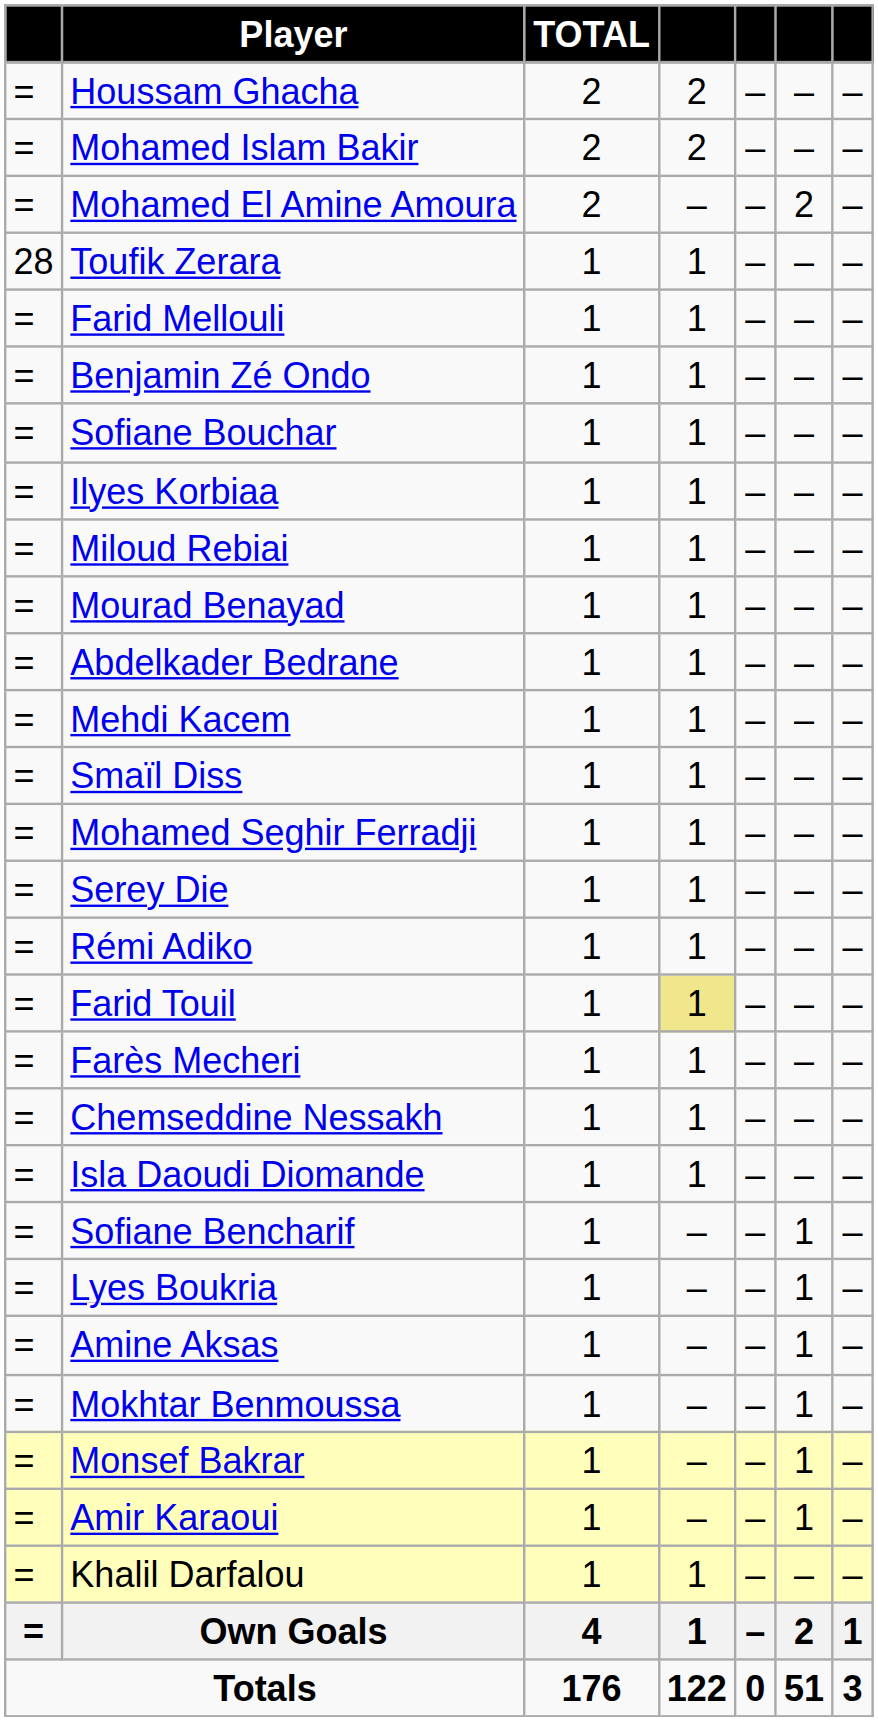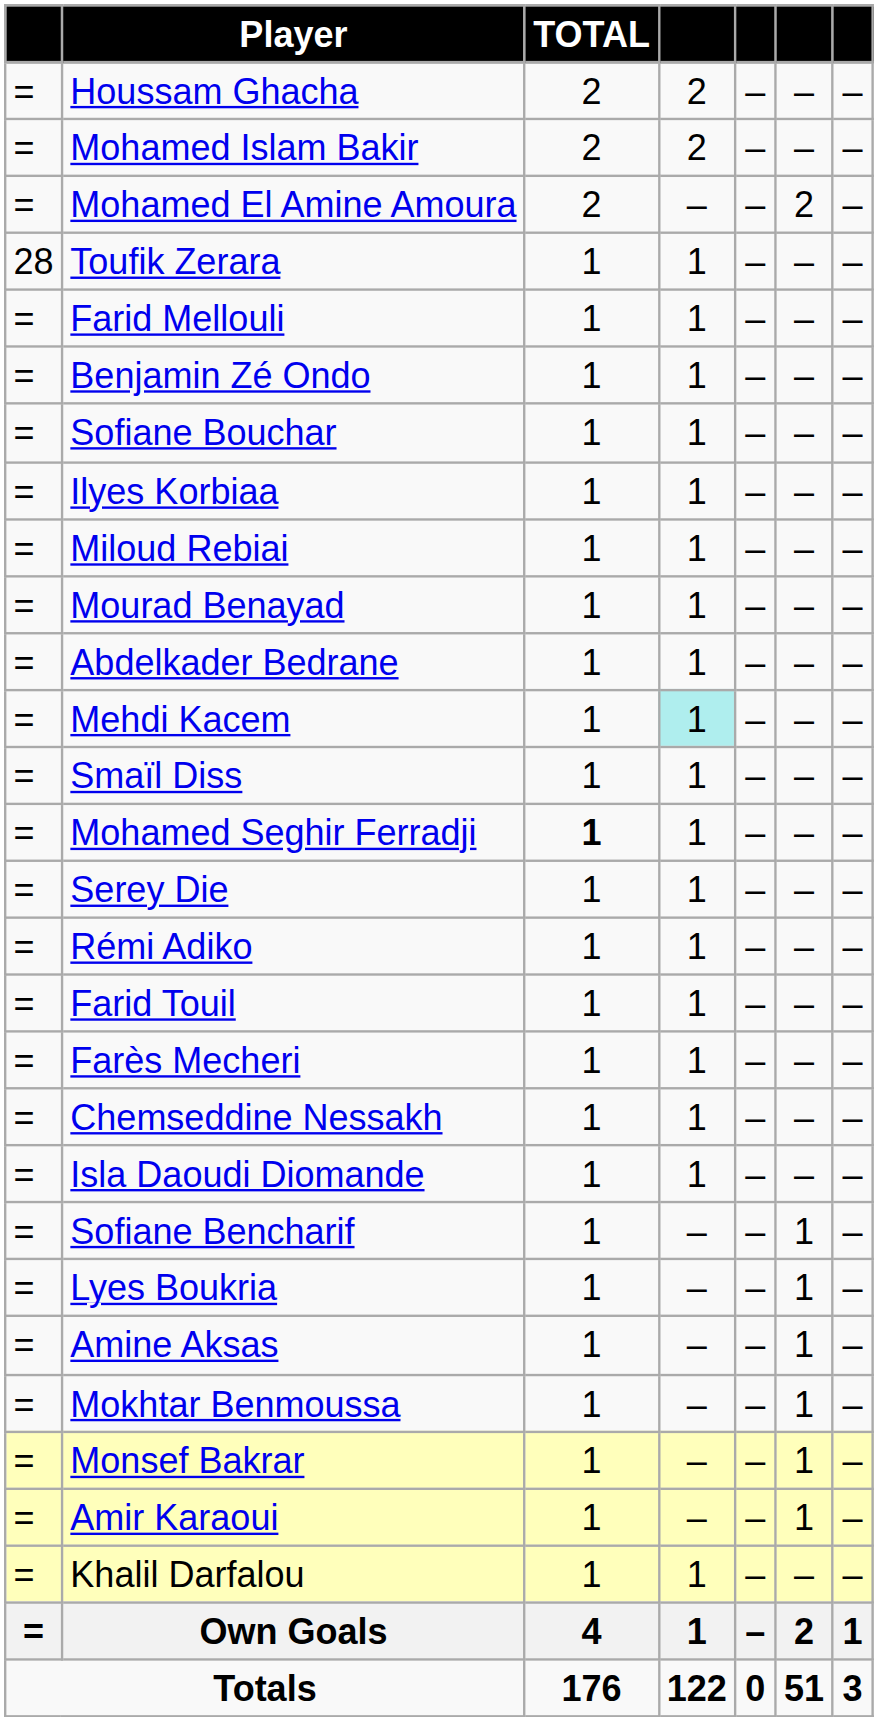 <table border="0" class="wikitable" style="text-align:center;font-size:95%">
 <tr>
 <th scope=col style="color:#FFFFFF; background:#000000;"></th>
 <th scope=col style="color:#FFFFFF; background:#000000;">Player</th>
 <th scope=col style="color:#FFFFFF; background:#000000;">TOTAL</th>
 <th scope=col style="color:#FFFFFF; background:#000000;" width=10><a href='#'></a></th>
 <th scope=col style="color:#FFFFFF; background:#000000;" width=10><a href='#'></a></th>
 <th scope=col style="color:#FFFFFF; background:#000000;" width=10><s><a href='#'></a></s> <a href='#'></a></th>
 <th scope=col style="color:#FFFFFF; background:#000000;" width=10><a href='#'></a> <a href='#'></a></th>
 </tr>
 <tr>
 <td align=left>=</td>
 <td align=left> <a href='#'>Houssam Ghacha</a></td>
 <td align=center>2</td>
 <td>2</td>
 <td>–</td>
 <td>–</td>
 <td>–</td>
 </tr>
 <tr>
 <td align=left>=</td>
 <td align=left> <a href='#'>Mohamed Islam Bakir</a></td>
 <td align=center>2</td>
 <td>2</td>
 <td>–</td>
 <td>–</td>
 <td>–</td>
 </tr>
 <tr>
 <td align=left>=</td>
 <td align=left> <a href='#'>Mohamed El Amine Amoura</a></td>
 <td align=center>2</td>
 <td>–</td>
 <td>–</td>
 <td>2</td>
 <td>–</td>
 </tr>
 <tr>
 <td align=left>28</td>
 <td align=left> <a href='#'>Toufik Zerara</a></td>
 <td align=center>1</td>
 <td>1</td>
 <td>–</td>
 <td>–</td>
 <td>–</td>
 </tr>
 <tr>
 <td align=left>=</td>
 <td align=left> <a href='#'>Farid Mellouli</a></td>
 <td align=center>1</td>
 <td>1</td>
 <td>–</td>
 <td>–</td>
 <td>–</td>
 </tr>
 <tr>
 <td align=left>=</td>
 <td align=left> <a href='#'>Benjamin Zé Ondo</a></td>
 <td align=center>1</td>
 <td>1</td>
 <td>–</td>
 <td>–</td>
 <td>–</td>
 </tr>
 <tr>
 <td align=left>=</td>
 <td align=left> <a href='#'>Sofiane Bouchar</a></td>
 <td align=center>1</td>
 <td>1</td>
 <td>–</td>
 <td>–</td>
 <td>–</td>
 </tr>
 <tr>
 <td align=left>=</td>
 <td align=left> <a href='#'>Ilyes Korbiaa</a></td>
 <td align=center>1</td>
 <td>1</td>
 <td>–</td>
 <td>–</td>
 <td>–</td>
 </tr>
 <tr>
 <td align=left>=</td>
 <td align=left> <a href='#'>Miloud Rebiai</a></td>
 <td align=center>1</td>
 <td>1</td>
 <td>–</td>
 <td>–</td>
 <td>–</td>
 </tr>
 <tr>
 <td align=left>=</td>
 <td align=left> <a href='#'>Mourad Benayad</a></td>
 <td align=center>1</td>
 <td>1</td>
 <td>–</td>
 <td>–</td>
 <td>–</td>
 </tr>
 <tr>
 <td align=left>=</td>
 <td align=left> <a href='#'>Abdelkader Bedrane</a></td>
 <td align=center>1</td>
 <td>1</td>
 <td>–</td>
 <td>–</td>
 <td>–</td>
 </tr>
 <tr>
 <td align=left>=</td>
 <td align=left> <a href='#'>Mehdi Kacem</a></td>
 <td align=center>1</td>
-<td>1</td>
+<td style="background: paleturquoise;">1</td>
 <td>–</td>
 <td>–</td>
 <td>–</td>
 </tr>
 <tr>
 <td align=left>=</td>
 <td align=left> <a href='#'>Smaïl Diss</a></td>
 <td align=center>1</td>
 <td>1</td>
 <td>–</td>
 <td>–</td>
 <td>–</td>
 </tr>
 <tr>
 <td align=left>=</td>
 <td align=left> <a href='#'>Mohamed Seghir Ferradji</a></td>
-<td align=center>1</td>
+<td align=center><strong>1</strong></td>
 <td>1</td>
 <td>–</td>
 <td>–</td>
 <td>–</td>
 </tr>
 <tr>
 <td align=left>=</td>
 <td align=left> <a href='#'>Serey Die</a></td>
 <td align=center>1</td>
 <td>1</td>
 <td>–</td>
 <td>–</td>
 <td>–</td>
 </tr>
 <tr>
 <td align=left>=</td>
 <td align=left> <a href='#'>Rémi Adiko</a></td>
 <td align=center>1</td>
 <td>1</td>
 <td>–</td>
 <td>–</td>
 <td>–</td>
 </tr>
 <tr>
 <td align=left>=</td>
 <td align=left> <a href='#'>Farid Touil</a></td>
 <td align=center>1</td>
-<td style="background: khaki;">1</td>
+<td>1</td>
 <td>–</td>
 <td>–</td>
 <td>–</td>
 </tr>
 <tr>
 <td align=left>=</td>
 <td align=left> <a href='#'>Farès Mecheri</a></td>
 <td align=center>1</td>
 <td>1</td>
 <td>–</td>
 <td>–</td>
 <td>–</td>
 </tr>
 <tr>
 <td align=left>=</td>
 <td align=left> <a href='#'>Chemseddine Nessakh</a></td>
 <td align=center>1</td>
 <td>1</td>
 <td>–</td>
 <td>–</td>
 <td>–</td>
 </tr>
 <tr>
 <td align=left>=</td>
 <td align=left> <a href='#'>Isla Daoudi Diomande</a></td>
 <td align=center>1</td>
 <td>1</td>
 <td>–</td>
 <td>–</td>
 <td>–</td>
 </tr>
 <tr>
 <td align=left>=</td>
 <td align=left> <a href='#'>Sofiane Bencharif</a></td>
 <td align=center>1</td>
 <td>–</td>
 <td>–</td>
 <td>1</td>
 <td>–</td>
 </tr>
 <tr>
 <td align=left>=</td>
 <td align=left> <a href='#'>Lyes Boukria</a></td>
 <td align=center>1</td>
 <td>–</td>
 <td>–</td>
 <td>1</td>
 <td>–</td>
 </tr>
 <tr>
 <td align=left>=</td>
 <td align=left> <a href='#'>Amine Aksas</a></td>
 <td align=center>1</td>
 <td>–</td>
 <td>–</td>
 <td>1</td>
 <td>–</td>
 </tr>
 <tr>
 <td align=left>=</td>
 <td align=left> <a href='#'>Mokhtar Benmoussa</a></td>
 <td align=center>1</td>
 <td>–</td>
 <td>–</td>
 <td>1</td>
 <td>–</td>
 </tr>
 <tr style="background:#ffb">
 <td align=left>=</td>
 <td align=left> <a href='#'>Monsef Bakrar</a></td>
 <td align=center>1</td>
 <td>–</td>
 <td>–</td>
 <td>1</td>
 <td>–</td>
 </tr>
 <tr style="background:#ffb">
 <td align=left>=</td>
 <td align=left> <a href='#'>Amir Karaoui</a></td>
 <td align=center>1</td>
 <td>–</td>
 <td>–</td>
 <td>1</td>
 <td>–</td>
 </tr>
 <tr style="background:#ffb">
 <td align=left>=</td>
 <td align=left> Khalil Darfalou</td>
 <td align=center>1</td>
 <td>1</td>
 <td>–</td>
 <td>–</td>
 <td>–</td>
 </tr>
 <tr>
 <th align=left>=</th>
 <th align=left>Own Goals</th>
 <th align=center>4</th>
 <th>1</th>
 <th>–</th>
 <th>2</th>
 <th>1</th>
 </tr>
 <tr class="sortbottom">
 <td colspan="2"><strong>Totals</strong></td>
 <td align=center><strong>176</strong></td>
 <td><strong>122</strong></td>
 <td><strong>0</strong></td>
 <td><strong>51</strong></td>
 <td><strong>3</strong></td>
 </tr>
 </table>
